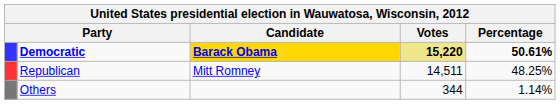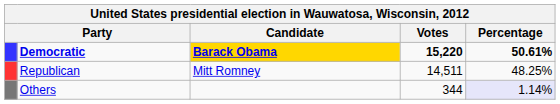 <table class="wikitable" style="font-size:95%;">
 <tr>
 <th colspan="7">United States presidential election in Wauwatosa, Wisconsin, 2012</th>
 </tr>
 <tr>
 <th colspan="2" style="width: 15em">Party</th>
 <th style="width: 17em">Candidate</th>
 <th style="width: 5em">Votes</th>
 <th style="width: 7em">Percentage</th>
 </tr>
 <tr>
 <th style="background:#33f; width:3px;"></th>
 <td style="width: 130px"><strong><a href='#'>Democratic</a></strong></td>
 <td style="background: gold;"><strong><a href='#'>Barack Obama</a></strong></td>
-<td style="background: khaki; text-align:right;"><strong>15,220</strong></td>
+<td style="text-align:right;"><strong>15,220</strong></td>
 <td style="text-align:right;"><strong>50.61%</strong></td>
 </tr>
 <tr>
 <th style="background:#f33; width:3px;"></th>
 <td style="width: 130px"><a href='#'>Republican</a></td>
 <td><a href='#'>Mitt Romney</a></td>
 <td style="text-align:right;">14,511</td>
 <td style="text-align:right;">48.25%</td>
 </tr>
 <tr>
 <th style="background:#777; width:3px;"></th>
 <td style="width: 130px"><a href='#'>Others</a></td>
 <td></td>
 <td style="text-align:right;">344</td>
-<td style="text-align:right;">1.14%</td>
+<td style="background: lavender; text-align:right;">1.14%</td>
 </tr>
 </table>
